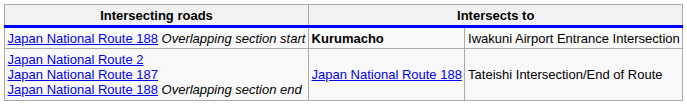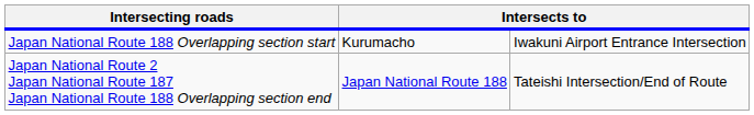 <table class="wikitable" style="font-size:small">
 <tr>
 <th style="border-bottom:3px solid blue">Intersecting roads</th>
 <th style="border-bottom:3px solid blue" colspan="2">Intersects to</th>
 </tr>
 <tr>
 <td><a href='#'>Japan National Route 188</a> <em>Overlapping section start</em></td>
-<td><strong>Kurumacho</strong></td>
+<td>Kurumacho</td>
 <td>Iwakuni Airport Entrance Intersection</td>
 </tr>
 <tr>
 <td><a href='#'>Japan National Route 2</a><br><a href='#'>Japan National Route 187</a><br><a href='#'>Japan National Route 188</a> <em>Overlapping section end</em></td>
 <td><a href='#'>Japan National Route 188</a></td>
 <td>Tateishi Intersection/End of Route</td>
 </tr>
 </table>
